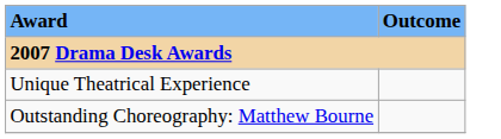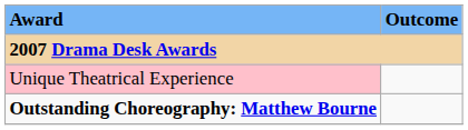 <table class="wikitable">
 <tr>
 <td bgcolor="#75B5F6"><strong>Award</strong></td>
 <td bgcolor="#75B5F6"><strong>Outcome</strong></td>
 </tr>
 <tr>
 <td colspan="3" bgcolor="#F2D5A6"><strong>2007 <a href='#'>Drama Desk Awards</a></strong></td>
 </tr>
 <tr>
-<td>Unique Theatrical Experience</td>
+<td style="background: pink;">Unique Theatrical Experience</td>
 <td></td>
 </tr>
 <tr>
-<td>Outstanding Choreography: <a href='#'>Matthew Bourne</a></td>
+<td><strong>Outstanding Choreography: <a href='#'>Matthew Bourne</a></strong></td>
 <td></td>
 </tr>
 <tr>
 </tr>
 </table>
